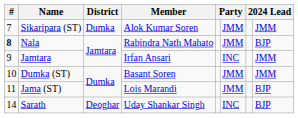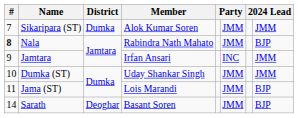 <table class="wikitable">
 <tr>
 <th>#</th>
 <th>Name</th>
 <th>District</th>
 <th>Member</th>
 <th colspan="2">Party</th>
 <th colspan="2">2024 Lead</th>
 </tr>
 <tr>
 <td>7</td>
 <td><a href='#'>Sikaripara</a> (ST)</td>
 <td><a href='#'>Dumka</a></td>
 <td><a href='#'>Alok Kumar Soren</a></td>
 <td style="background-color: "></td>
 <td><a href='#'>JMM</a></td>
 <td style="background-color: "></td>
 <td><a href='#'>JMM</a></td>
 </tr>
 <tr>
 <td><strong>8</strong></td>
 <td><a href='#'>Nala</a></td>
 <td rowspan="2"><a href='#'>Jamtara</a></td>
 <td><a href='#'>Rabindra Nath Mahato</a></td>
 <td style="background-color: "></td>
 <td><a href='#'>JMM</a></td>
 <td style="background-color: "></td>
 <td><a href='#'>BJP</a></td>
 </tr>
 <tr>
 <td>9</td>
 <td><a href='#'>Jamtara</a></td>
 <td><a href='#'>Irfan Ansari</a></td>
 <td style="background-color: "></td>
 <td><a href='#'>INC</a></td>
 <td style="background-color: "></td>
 <td><a href='#'>JMM</a></td>
 </tr>
 <tr>
 <td>10</td>
 <td><a href='#'>Dumka</a> (ST)</td>
 <td rowspan="2"><a href='#'>Dumka</a></td>
-<td><a href='#'>Basant Soren</a></td>
+<td><a href='#'>Uday Shankar Singh</a></td>
 <td style="background-color: "></td>
 <td><a href='#'>JMM</a></td>
 <td style="background-color: "></td>
 <td><a href='#'>JMM</a></td>
 </tr>
 <tr>
 <td>11</td>
 <td><a href='#'>Jama</a> (ST)</td>
 <td><a href='#'>Lois Marandi</a></td>
 <td style="background-color: "></td>
 <td><a href='#'>JMM</a></td>
 <td style="background-color: "></td>
 <td><a href='#'>BJP</a></td>
 </tr>
 <tr>
 <td>14</td>
 <td><a href='#'>Sarath</a></td>
 <td><a href='#'>Deoghar</a></td>
-<td><a href='#'>Uday Shankar Singh</a></td>
+<td><a href='#'>Basant Soren</a></td>
 <td style="background-color: "></td>
-<td><a href='#'>INC</a></td>
+<td><a href='#'>JMM</a></td>
 <td style="background-color: "></td>
 <td><a href='#'>BJP</a></td>
 </tr>
 </table>
